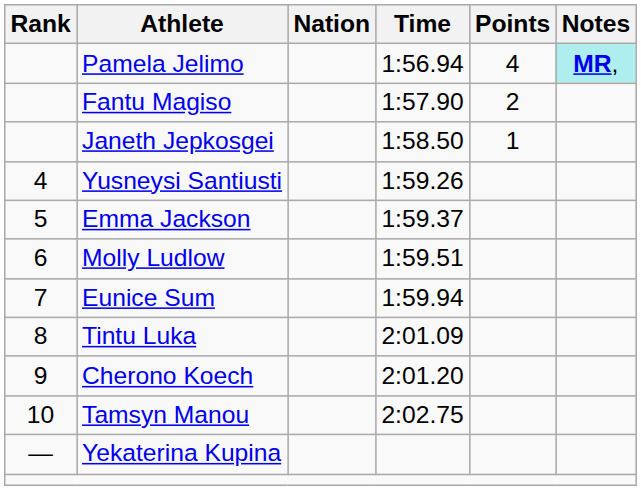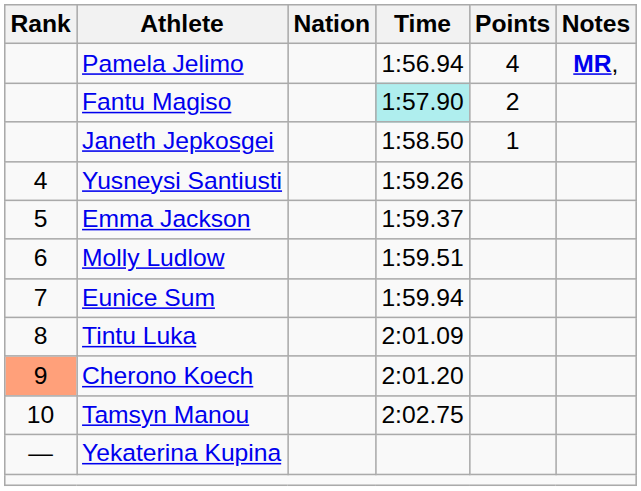 <table class="wikitable mw-datatable sortable" style="text-align:center;">
 <tr>
 <th>Rank</th>
 <th>Athlete</th>
 <th>Nation</th>
 <th>Time</th>
 <th>Points</th>
 <th>Notes</th>
 </tr>
 <tr>
 <td></td>
 <td align=left><a href='#'>Pamela Jelimo</a></td>
 <td align=left></td>
 <td>1:56.94</td>
 <td>4</td>
-<td style="background: paleturquoise;"><strong><a href='#'>MR</a></strong>, </td>
+<td><strong><a href='#'>MR</a></strong>, </td>
 </tr>
 <tr>
 <td></td>
 <td align=left><a href='#'>Fantu Magiso</a></td>
 <td align=left></td>
-<td>1:57.90</td>
+<td style="background: paleturquoise;">1:57.90</td>
 <td>2</td>
 <td><strong></strong></td>
 </tr>
 <tr>
 <td></td>
 <td align=left><a href='#'>Janeth Jepkosgei</a></td>
 <td align=left></td>
 <td>1:58.50</td>
 <td>1</td>
 <td></td>
 </tr>
 <tr>
 <td>4</td>
 <td align=left><a href='#'>Yusneysi Santiusti</a></td>
 <td align=left></td>
 <td>1:59.26</td>
 <td></td>
 <td></td>
 </tr>
 <tr>
 <td>5</td>
 <td align=left><a href='#'>Emma Jackson</a></td>
 <td align=left></td>
 <td>1:59.37</td>
 <td></td>
 <td></td>
 </tr>
 <tr>
 <td>6</td>
 <td align=left><a href='#'>Molly Ludlow</a></td>
 <td align=left></td>
 <td>1:59.51</td>
 <td></td>
 <td></td>
 </tr>
 <tr>
 <td>7</td>
 <td align=left><a href='#'>Eunice Sum</a></td>
 <td align=left></td>
 <td>1:59.94</td>
 <td></td>
 <td></td>
 </tr>
 <tr>
 <td>8</td>
 <td align=left><a href='#'>Tintu Luka</a></td>
 <td align=left></td>
 <td>2:01.09</td>
 <td></td>
 <td></td>
 </tr>
 <tr>
-<td>9</td>
+<td style="background: lightsalmon;">9</td>
 <td align=left><a href='#'>Cherono Koech</a></td>
 <td align=left></td>
 <td>2:01.20</td>
 <td></td>
 <td></td>
 </tr>
 <tr>
 <td>10</td>
 <td align=left><a href='#'>Tamsyn Manou</a></td>
 <td align=left></td>
 <td>2:02.75</td>
 <td></td>
 <td></td>
 </tr>
 <tr>
 <td>—</td>
 <td align=left><a href='#'>Yekaterina Kupina</a></td>
 <td align=left></td>
 <td></td>
 <td></td>
 <td></td>
 </tr>
 <tr class="sortbottom">
 <td colspan=6></td>
 </tr>
 </table>
